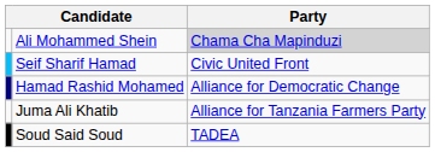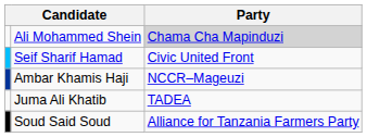 <table class=wikitable>
 <tr>
 <th colspan=2>Candidate</th>
 <th>Party</th>
 </tr>
 <tr>
 <td style="background-color:"></td>
 <td><a href='#'>Ali Mohammed Shein</a></td>
 <td style="background: lightgrey;"><a href='#'>Chama Cha Mapinduzi</a></td>
 </tr>
 <tr>
 <td style="background-color:#00BFFF"></td>
 <td><a href='#'>Seif Sharif Hamad</a></td>
 <td><a href='#'>Civic United Front</a></td>
 </tr>
 <tr>
-<td style="background-color:navy"></td>
-<td><a href='#'>Hamad Rashid Mohamed</a></td>
-<td><a href='#'>Alliance for Democratic Change</a></td>
+<td style="background-color:#039"></td>
+<td>Ambar Khamis Haji</td>
+<td><a href='#'>NCCR–Mageuzi</a></td>
 </tr>
 <tr>
 <td></td>
 <td>Juma Ali Khatib</td>
-<td><a href='#'>Alliance for Tanzania Farmers Party</a></td>
+<td><a href='#'>TADEA</a></td>
 </tr>
 <tr>
 <td style="background-color:black"></td>
 <td>Soud Said Soud</td>
-<td><a href='#'>TADEA</a></td>
+<td><a href='#'>Alliance for Tanzania Farmers Party</a></td>
 </tr>
 </table>
